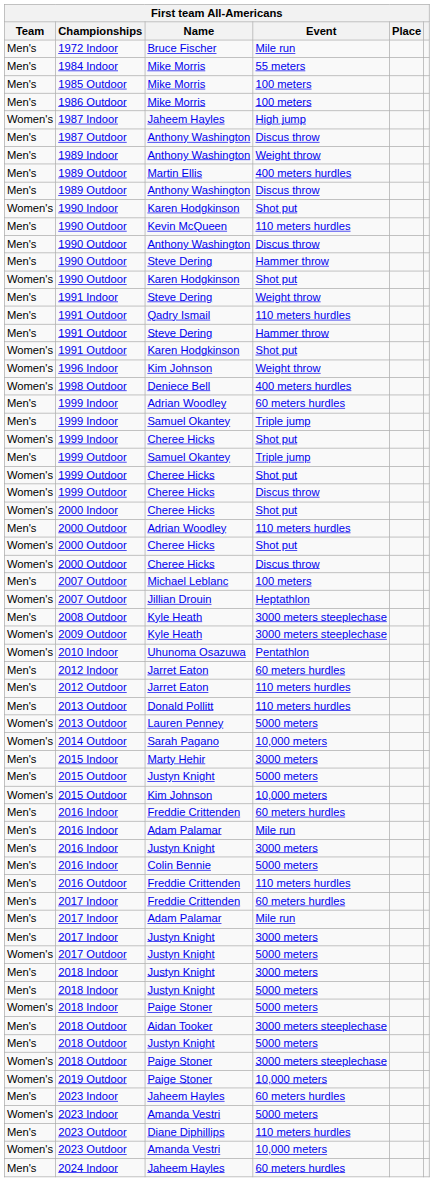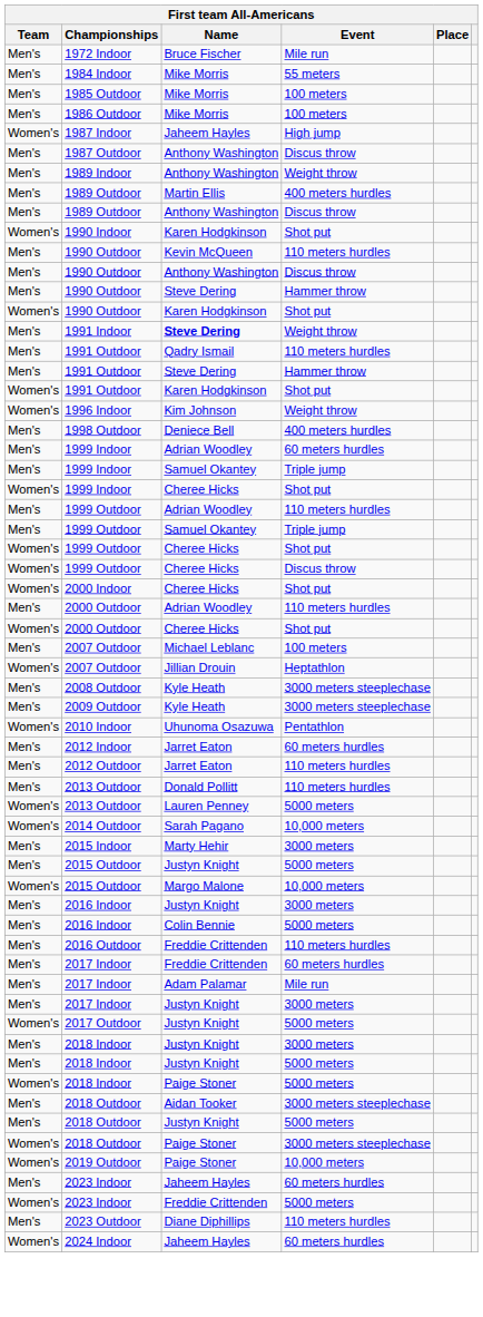 <table class="wikitable sortable">
 <tr>
 <th colspan="6">First team All-Americans</th>
 </tr>
 <tr>
 <th scope="col">Team</th>
 <th scope="col">Championships</th>
 <th scope="col">Name</th>
 <th scope="col">Event</th>
 <th scope="col">Place</th>
 <th scope="col"></th>
 </tr>
 <tr>
 <td>Men's</td>
 <td><a href='#'>1972 Indoor</a></td>
 <td><a href='#'>Bruce Fischer</a></td>
 <td><a href='#'>Mile run</a></td>
 <td></td>
 <td></td>
 </tr>
 <tr>
 <td>Men's</td>
 <td><a href='#'>1984 Indoor</a></td>
 <td><a href='#'>Mike Morris</a></td>
 <td><a href='#'>55 meters</a></td>
 <td></td>
 <td></td>
 </tr>
 <tr>
 <td>Men's</td>
 <td><a href='#'>1985 Outdoor</a></td>
 <td><a href='#'>Mike Morris</a></td>
 <td><a href='#'>100 meters</a></td>
 <td></td>
 <td></td>
 </tr>
 <tr>
 <td>Men's</td>
 <td><a href='#'>1986 Outdoor</a></td>
 <td><a href='#'>Mike Morris</a></td>
 <td><a href='#'>100 meters</a></td>
 <td></td>
 <td></td>
 </tr>
 <tr>
 <td>Women's</td>
 <td><a href='#'>1987 Indoor</a></td>
 <td><a href='#'>Jaheem Hayles</a></td>
 <td><a href='#'>High jump</a></td>
 <td></td>
 <td></td>
 </tr>
 <tr>
 <td>Men's</td>
 <td><a href='#'>1987 Outdoor</a></td>
 <td><a href='#'>Anthony Washington</a></td>
 <td><a href='#'>Discus throw</a></td>
 <td></td>
 <td></td>
 </tr>
 <tr>
 <td>Men's</td>
 <td><a href='#'>1989 Indoor</a></td>
 <td><a href='#'>Anthony Washington</a></td>
 <td><a href='#'>Weight throw</a></td>
 <td></td>
 <td></td>
 </tr>
 <tr>
 <td>Men's</td>
 <td><a href='#'>1989 Outdoor</a></td>
 <td><a href='#'>Martin Ellis</a></td>
 <td><a href='#'>400 meters hurdles</a></td>
 <td></td>
 <td></td>
 </tr>
 <tr>
 <td>Men's</td>
 <td><a href='#'>1989 Outdoor</a></td>
 <td><a href='#'>Anthony Washington</a></td>
 <td><a href='#'>Discus throw</a></td>
 <td></td>
 <td></td>
 </tr>
 <tr>
 <td>Women's</td>
 <td><a href='#'>1990 Indoor</a></td>
 <td><a href='#'>Karen Hodgkinson</a></td>
 <td><a href='#'>Shot put</a></td>
 <td></td>
 <td></td>
 </tr>
 <tr>
 <td>Men's</td>
 <td><a href='#'>1990 Outdoor</a></td>
 <td><a href='#'>Kevin McQueen</a></td>
 <td><a href='#'>110 meters hurdles</a></td>
 <td></td>
 <td></td>
 </tr>
 <tr>
 <td>Men's</td>
 <td><a href='#'>1990 Outdoor</a></td>
 <td><a href='#'>Anthony Washington</a></td>
 <td><a href='#'>Discus throw</a></td>
 <td></td>
 <td></td>
 </tr>
 <tr>
 <td>Men's</td>
 <td><a href='#'>1990 Outdoor</a></td>
 <td><a href='#'>Steve Dering</a></td>
 <td><a href='#'>Hammer throw</a></td>
 <td></td>
 <td></td>
 </tr>
 <tr>
 <td>Women's</td>
 <td><a href='#'>1990 Outdoor</a></td>
 <td><a href='#'>Karen Hodgkinson</a></td>
 <td><a href='#'>Shot put</a></td>
 <td></td>
 <td></td>
 </tr>
 <tr>
 <td>Men's</td>
 <td><a href='#'>1991 Indoor</a></td>
-<td><a href='#'>Steve Dering</a></td>
+<td><strong><a href='#'>Steve Dering</a></strong></td>
 <td><a href='#'>Weight throw</a></td>
 <td></td>
 <td></td>
 </tr>
 <tr>
 <td>Men's</td>
 <td><a href='#'>1991 Outdoor</a></td>
 <td><a href='#'>Qadry Ismail</a></td>
 <td><a href='#'>110 meters hurdles</a></td>
 <td></td>
 <td></td>
 </tr>
 <tr>
 <td>Men's</td>
 <td><a href='#'>1991 Outdoor</a></td>
 <td><a href='#'>Steve Dering</a></td>
 <td><a href='#'>Hammer throw</a></td>
 <td></td>
 <td></td>
 </tr>
 <tr>
 <td>Women's</td>
 <td><a href='#'>1991 Outdoor</a></td>
 <td><a href='#'>Karen Hodgkinson</a></td>
 <td><a href='#'>Shot put</a></td>
 <td></td>
 <td></td>
 </tr>
 <tr>
 <td>Women's</td>
 <td><a href='#'>1996 Indoor</a></td>
 <td><a href='#'>Kim Johnson</a></td>
 <td><a href='#'>Weight throw</a></td>
 <td></td>
 <td></td>
 </tr>
 <tr>
-<td>Women's</td>
+<td>Men's</td>
 <td><a href='#'>1998 Outdoor</a></td>
 <td><a href='#'>Deniece Bell</a></td>
 <td><a href='#'>400 meters hurdles</a></td>
 <td></td>
 <td></td>
 </tr>
 <tr>
 <td>Men's</td>
 <td><a href='#'>1999 Indoor</a></td>
 <td><a href='#'>Adrian Woodley</a></td>
 <td><a href='#'>60 meters hurdles</a></td>
 <td></td>
 <td></td>
 </tr>
 <tr>
 <td>Men's</td>
 <td><a href='#'>1999 Indoor</a></td>
 <td><a href='#'>Samuel Okantey</a></td>
 <td><a href='#'>Triple jump</a></td>
 <td></td>
 <td></td>
 </tr>
 <tr>
 <td>Women's</td>
 <td><a href='#'>1999 Indoor</a></td>
 <td><a href='#'>Cheree Hicks</a></td>
 <td><a href='#'>Shot put</a></td>
+<td></td>
+<td></td>
+</tr>
+<tr>
+<td>Men's</td>
+<td><a href='#'>1999 Outdoor</a></td>
+<td><a href='#'>Adrian Woodley</a></td>
+<td><a href='#'>110 meters hurdles</a></td>
 <td></td>
 <td></td>
 </tr>
 <tr>
 <td>Men's</td>
 <td><a href='#'>1999 Outdoor</a></td>
 <td><a href='#'>Samuel Okantey</a></td>
 <td><a href='#'>Triple jump</a></td>
 <td></td>
 <td></td>
 </tr>
 <tr>
 <td>Women's</td>
 <td><a href='#'>1999 Outdoor</a></td>
 <td><a href='#'>Cheree Hicks</a></td>
 <td><a href='#'>Shot put</a></td>
 <td></td>
 <td></td>
 </tr>
 <tr>
 <td>Women's</td>
 <td><a href='#'>1999 Outdoor</a></td>
 <td><a href='#'>Cheree Hicks</a></td>
 <td><a href='#'>Discus throw</a></td>
 <td></td>
 <td></td>
 </tr>
 <tr>
 <td>Women's</td>
 <td><a href='#'>2000 Indoor</a></td>
 <td><a href='#'>Cheree Hicks</a></td>
 <td><a href='#'>Shot put</a></td>
 <td></td>
 <td></td>
 </tr>
 <tr>
 <td>Men's</td>
 <td><a href='#'>2000 Outdoor</a></td>
 <td><a href='#'>Adrian Woodley</a></td>
 <td><a href='#'>110 meters hurdles</a></td>
 <td></td>
 <td></td>
 </tr>
 <tr>
 <td>Women's</td>
 <td><a href='#'>2000 Outdoor</a></td>
 <td><a href='#'>Cheree Hicks</a></td>
 <td><a href='#'>Shot put</a></td>
 <td></td>
 <td></td>
 </tr>
 <tr>
-<td>Women's</td>
-<td><a href='#'>2000 Outdoor</a></td>
-<td><a href='#'>Cheree Hicks</a></td>
-<td><a href='#'>Discus throw</a></td>
-<td></td>
-<td></td>
-</tr>
-<tr>
 <td>Men's</td>
 <td><a href='#'>2007 Outdoor</a></td>
 <td><a href='#'>Michael Leblanc</a></td>
 <td><a href='#'>100 meters</a></td>
 <td></td>
 <td></td>
 </tr>
 <tr>
 <td>Women's</td>
 <td><a href='#'>2007 Outdoor</a></td>
 <td><a href='#'>Jillian Drouin</a></td>
 <td><a href='#'>Heptathlon</a></td>
 <td></td>
 <td></td>
 </tr>
 <tr>
 <td>Men's</td>
 <td><a href='#'>2008 Outdoor</a></td>
 <td><a href='#'>Kyle Heath</a></td>
 <td><a href='#'>3000 meters steeplechase</a></td>
 <td></td>
 <td></td>
 </tr>
 <tr>
-<td>Women's</td>
+<td>Men's</td>
 <td><a href='#'>2009 Outdoor</a></td>
 <td><a href='#'>Kyle Heath</a></td>
 <td><a href='#'>3000 meters steeplechase</a></td>
 <td></td>
 <td></td>
 </tr>
 <tr>
 <td>Women's</td>
 <td><a href='#'>2010 Indoor</a></td>
 <td><a href='#'>Uhunoma Osazuwa</a></td>
 <td><a href='#'>Pentathlon</a></td>
 <td></td>
 <td></td>
 </tr>
 <tr>
 <td>Men's</td>
 <td><a href='#'>2012 Indoor</a></td>
 <td><a href='#'>Jarret Eaton</a></td>
 <td><a href='#'>60 meters hurdles</a></td>
 <td></td>
 <td></td>
 </tr>
 <tr>
 <td>Men's</td>
 <td><a href='#'>2012 Outdoor</a></td>
 <td><a href='#'>Jarret Eaton</a></td>
 <td><a href='#'>110 meters hurdles</a></td>
 <td></td>
 <td></td>
 </tr>
 <tr>
 <td>Men's</td>
 <td><a href='#'>2013 Outdoor</a></td>
 <td><a href='#'>Donald Pollitt</a></td>
 <td><a href='#'>110 meters hurdles</a></td>
 <td></td>
 <td></td>
 </tr>
 <tr>
 <td>Women's</td>
 <td><a href='#'>2013 Outdoor</a></td>
 <td><a href='#'>Lauren Penney</a></td>
 <td><a href='#'>5000 meters</a></td>
 <td></td>
 <td></td>
 </tr>
 <tr>
 <td>Women's</td>
 <td><a href='#'>2014 Outdoor</a></td>
 <td><a href='#'>Sarah Pagano</a></td>
 <td><a href='#'>10,000 meters</a></td>
 <td></td>
 <td></td>
 </tr>
 <tr>
 <td>Men's</td>
 <td><a href='#'>2015 Indoor</a></td>
 <td><a href='#'>Marty Hehir</a></td>
 <td><a href='#'>3000 meters</a></td>
 <td></td>
 <td></td>
 </tr>
 <tr>
 <td>Men's</td>
 <td><a href='#'>2015 Outdoor</a></td>
 <td><a href='#'>Justyn Knight</a></td>
 <td><a href='#'>5000 meters</a></td>
 <td></td>
 <td></td>
 </tr>
 <tr>
 <td>Women's</td>
 <td><a href='#'>2015 Outdoor</a></td>
-<td><a href='#'>Kim Johnson</a></td>
+<td><a href='#'>Margo Malone</a></td>
 <td><a href='#'>10,000 meters</a></td>
-<td></td>
-<td></td>
-</tr>
-<tr>
-<td>Men's</td>
-<td><a href='#'>2016 Indoor</a></td>
-<td><a href='#'>Freddie Crittenden</a></td>
-<td><a href='#'>60 meters hurdles</a></td>
-<td></td>
-<td></td>
-</tr>
-<tr>
-<td>Men's</td>
-<td><a href='#'>2016 Indoor</a></td>
-<td><a href='#'>Adam Palamar</a></td>
-<td><a href='#'>Mile run</a></td>
 <td></td>
 <td></td>
 </tr>
 <tr>
 <td>Men's</td>
 <td><a href='#'>2016 Indoor</a></td>
 <td><a href='#'>Justyn Knight</a></td>
 <td><a href='#'>3000 meters</a></td>
 <td></td>
 <td></td>
 </tr>
 <tr>
 <td>Men's</td>
 <td><a href='#'>2016 Indoor</a></td>
 <td><a href='#'>Colin Bennie</a></td>
 <td><a href='#'>5000 meters</a></td>
 <td></td>
 <td></td>
 </tr>
 <tr>
 <td>Men's</td>
 <td><a href='#'>2016 Outdoor</a></td>
 <td><a href='#'>Freddie Crittenden</a></td>
 <td><a href='#'>110 meters hurdles</a></td>
 <td></td>
 <td></td>
 </tr>
 <tr>
 <td>Men's</td>
 <td><a href='#'>2017 Indoor</a></td>
 <td><a href='#'>Freddie Crittenden</a></td>
 <td><a href='#'>60 meters hurdles</a></td>
 <td></td>
 <td></td>
 </tr>
 <tr>
 <td>Men's</td>
 <td><a href='#'>2017 Indoor</a></td>
 <td><a href='#'>Adam Palamar</a></td>
 <td><a href='#'>Mile run</a></td>
 <td></td>
 <td></td>
 </tr>
 <tr>
 <td>Men's</td>
 <td><a href='#'>2017 Indoor</a></td>
 <td><a href='#'>Justyn Knight</a></td>
 <td><a href='#'>3000 meters</a></td>
 <td></td>
 <td></td>
 </tr>
 <tr>
 <td>Women's</td>
 <td><a href='#'>2017 Outdoor</a></td>
 <td><a href='#'>Justyn Knight</a></td>
 <td><a href='#'>5000 meters</a></td>
 <td></td>
 <td></td>
 </tr>
 <tr>
 <td>Men's</td>
 <td><a href='#'>2018 Indoor</a></td>
 <td><a href='#'>Justyn Knight</a></td>
 <td><a href='#'>3000 meters</a></td>
 <td></td>
 <td></td>
 </tr>
 <tr>
 <td>Men's</td>
 <td><a href='#'>2018 Indoor</a></td>
 <td><a href='#'>Justyn Knight</a></td>
 <td><a href='#'>5000 meters</a></td>
 <td></td>
 <td></td>
 </tr>
 <tr>
 <td>Women's</td>
 <td><a href='#'>2018 Indoor</a></td>
 <td><a href='#'>Paige Stoner</a></td>
 <td><a href='#'>5000 meters</a></td>
 <td></td>
 <td></td>
 </tr>
 <tr>
 <td>Men's</td>
 <td><a href='#'>2018 Outdoor</a></td>
 <td><a href='#'>Aidan Tooker</a></td>
 <td><a href='#'>3000 meters steeplechase</a></td>
 <td></td>
 <td></td>
 </tr>
 <tr>
 <td>Men's</td>
 <td><a href='#'>2018 Outdoor</a></td>
 <td><a href='#'>Justyn Knight</a></td>
 <td><a href='#'>5000 meters</a></td>
 <td></td>
 <td></td>
 </tr>
 <tr>
 <td>Women's</td>
 <td><a href='#'>2018 Outdoor</a></td>
 <td><a href='#'>Paige Stoner</a></td>
 <td><a href='#'>3000 meters steeplechase</a></td>
 <td></td>
 <td></td>
 </tr>
 <tr>
 <td>Women's</td>
 <td><a href='#'>2019 Outdoor</a></td>
 <td><a href='#'>Paige Stoner</a></td>
 <td><a href='#'>10,000 meters</a></td>
 <td></td>
 <td></td>
 </tr>
 <tr>
 <td>Men's</td>
 <td><a href='#'>2023 Indoor</a></td>
 <td><a href='#'>Jaheem Hayles</a></td>
 <td><a href='#'>60 meters hurdles</a></td>
 <td></td>
 <td></td>
 </tr>
 <tr>
 <td>Women's</td>
 <td><a href='#'>2023 Indoor</a></td>
-<td><a href='#'>Amanda Vestri</a></td>
+<td><a href='#'>Freddie Crittenden</a></td>
 <td><a href='#'>5000 meters</a></td>
 <td></td>
 <td></td>
 </tr>
 <tr>
 <td>Men's</td>
 <td><a href='#'>2023 Outdoor</a></td>
 <td><a href='#'>Diane Diphillips</a></td>
 <td><a href='#'>110 meters hurdles</a></td>
 <td></td>
 <td></td>
 </tr>
 <tr>
 <td>Women's</td>
-<td><a href='#'>2023 Outdoor</a></td>
-<td><a href='#'>Amanda Vestri</a></td>
-<td><a href='#'>10,000 meters</a></td>
-<td></td>
-<td></td>
-</tr>
-<tr>
-<td>Men's</td>
 <td><a href='#'>2024 Indoor</a></td>
 <td><a href='#'>Jaheem Hayles</a></td>
 <td><a href='#'>60 meters hurdles</a></td>
 <td></td>
 <td></td>
 </tr>
 </table>
